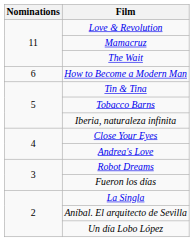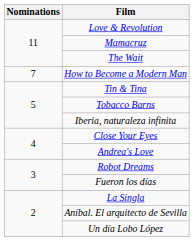 <table class="wikitable plainrowheaders" style="text-align:center;">
 <tr>
 <th scope="col" style="width:55px;">Nominations</th>
 <th scope="col" style="text-align:center;">Film</th>
 </tr>
 <tr>
 <td rowspan = "3" scope=row style="text-align:center">11</td>
 <td><em><a href='#'>Love & Revolution</a></em></td>
 </tr>
 <tr>
 <td><em><a href='#'>Mamacruz</a></em></td>
 </tr>
 <tr>
 <td><em><a href='#'>The Wait</a></em></td>
 </tr>
 <tr>
-<td rowspan = "1" scope=row style="text-align:center;">6</td>
+<td rowspan = "1" scope=row style="text-align:center;">7</td>
 <td><em><a href='#'>How to Become a Modern Man</a></em></td>
 </tr>
 <tr>
 <td rowspan = "3" scope=row style="text-align:center;">5</td>
 <td><em><a href='#'>Tin & Tina</a></em></td>
 </tr>
 <tr>
 <td><em><a href='#'>Tobacco Barns</a></em></td>
 </tr>
 <tr>
 <td><em>Iberia, naturaleza infinita</em></td>
 </tr>
 <tr>
 <td rowspan = "2" scope=row style="text-align:center;">4</td>
 <td><em><a href='#'>Close Your Eyes</a></em></td>
 </tr>
 <tr>
 <td><em><a href='#'>Andrea's Love</a></em></td>
 </tr>
 <tr>
 <td rowspan = "2" scope=row style="text-align:center;">3</td>
 <td><em><a href='#'>Robot Dreams</a></em></td>
 </tr>
 <tr>
 <td><em>Fueron los días</em></td>
 </tr>
 <tr>
 <td rowspan = "3" scope=row style="text-align:center;">2</td>
 <td><em><a href='#'>La Singla</a></em></td>
 </tr>
 <tr>
 <td><em>Aníbal. El arquitecto de Sevilla</em></td>
 </tr>
 <tr>
 <td><em>Un día Lobo López</em></td>
 </tr>
 </table>
